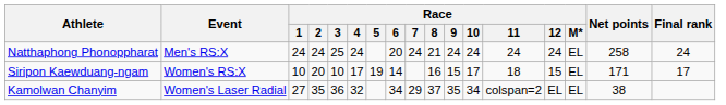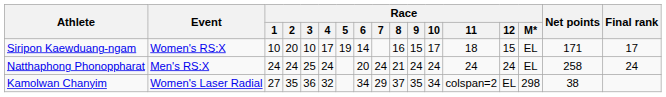 <table class="wikitable" style="font-size:90%">
 <tr>
 <th rowspan="2">Athlete</th>
 <th rowspan="2">Event</th>
 <th colspan=13>Race</th>
 <th rowspan=2>Net points</th>
 <th rowspan=2>Final rank</th>
 </tr>
 <tr style="font-size:95%">
 <th>1</th>
 <th>2</th>
 <th>3</th>
 <th>4</th>
 <th>5</th>
 <th>6</th>
 <th>7</th>
 <th>8</th>
 <th>9</th>
 <th>10</th>
 <th>11</th>
 <th>12</th>
 <th>M*</th>
 </tr>
 <tr align=center>
+<td align=left><a href='#'>Siripon Kaewduang-ngam</a></td>
+<td align=left><a href='#'>Women's RS:X</a></td>
+<td>10</td>
+<td>20</td>
+<td>10</td>
+<td>17</td>
+<td>19</td>
+<td>14</td>
+<td></td>
+<td>16</td>
+<td>15</td>
+<td>17</td>
+<td>18</td>
+<td>15</td>
+<td>EL</td>
+<td>171</td>
+<td>17</td>
+</tr>
+<tr align=center>
 <td align=left><a href='#'>Natthaphong Phonoppharat</a></td>
 <td align=left><a href='#'>Men's RS:X</a></td>
 <td>24</td>
 <td>24</td>
 <td>25</td>
 <td>24</td>
 <td></td>
 <td>20</td>
 <td>24</td>
 <td>21</td>
 <td>24</td>
 <td>24</td>
 <td>24</td>
 <td>24</td>
 <td>EL</td>
 <td>258</td>
 <td>24</td>
 </tr>
 <tr align=center>
-<td align=left><a href='#'>Siripon Kaewduang-ngam</a></td>
-<td align=left><a href='#'>Women's RS:X</a></td>
-<td>10</td>
-<td>20</td>
-<td>10</td>
-<td>17</td>
-<td>19</td>
-<td>14</td>
-<td></td>
-<td>16</td>
-<td>15</td>
-<td>17</td>
-<td>18</td>
-<td>15</td>
-<td>EL</td>
-<td>171</td>
-<td>17</td>
-</tr>
-<tr align=center>
 <td align=left><a href='#'>Kamolwan Chanyim</a></td>
 <td align=left><a href='#'>Women's Laser Radial</a></td>
 <td>27</td>
 <td>35</td>
 <td>36</td>
 <td>32</td>
 <td></td>
 <td>34</td>
 <td>29</td>
 <td>37</td>
 <td>35</td>
 <td>34</td>
 <td>colspan=2 </td>
 <td>EL</td>
-<td>EL</td>
+<td>298</td>
 <td>38</td>
 </tr>
 </table>
